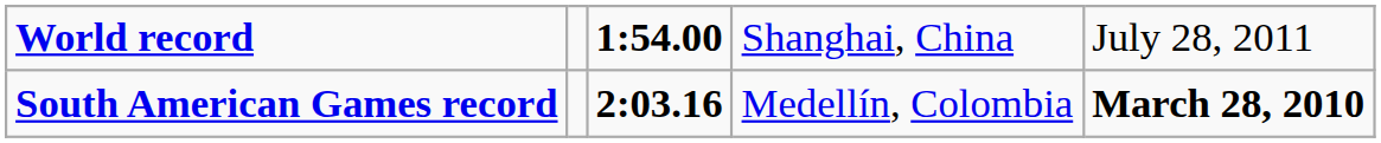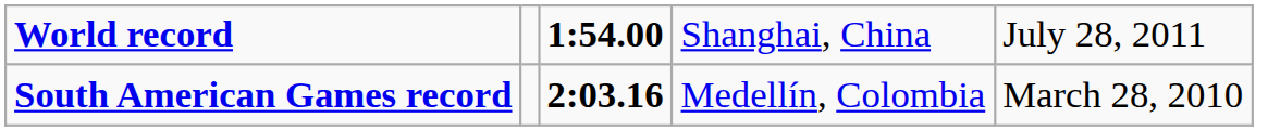 <table class="wikitable">
 <tr>
 <td><strong><a href='#'>World record</a></strong></td>
 <td></td>
 <td><strong>1:54.00</strong></td>
 <td><a href='#'>Shanghai</a>, <a href='#'>China</a></td>
 <td>July 28, 2011</td>
 </tr>
 <tr>
 <td><strong><a href='#'>South American Games record</a></strong></td>
 <td></td>
 <td><strong>2:03.16</strong></td>
 <td><a href='#'>Medellín</a>, <a href='#'>Colombia</a></td>
-<td><strong>March 28, 2010</strong></td>
+<td>March 28, 2010</td>
 </tr>
 </table>
